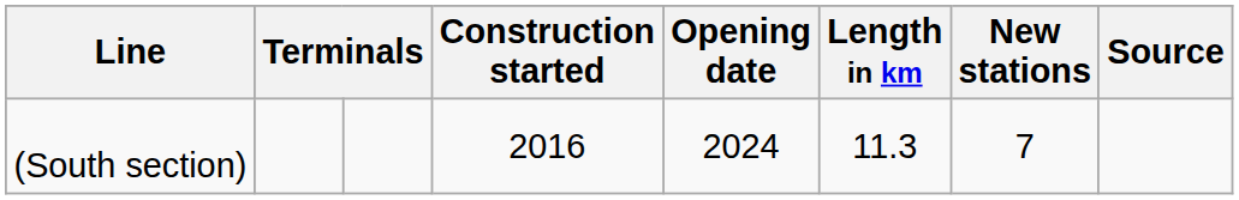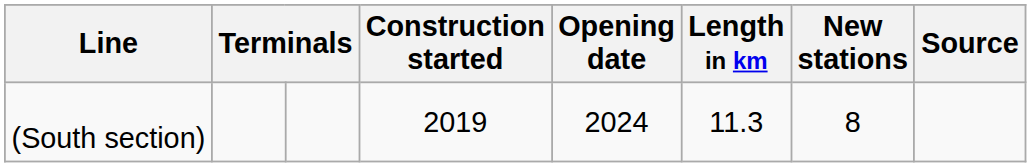 <table class="wikitable sortable" style="cell-padding:0.5em; text-align:center;">
 <tr>
 <th data-sort-type="text">Line</th>
 <th colspan="2" class="unsortable">Terminals</th>
 <th>Construction<br>started</th>
 <th>Opening<br>date</th>
 <th>Length<br><small><span>in <a href='#'>km</a></span></small></th>
 <th>New<br>stations</th>
 <th>Source</th>
 </tr>
 <tr>
 <td><br>(South section)</td>
 <td><strong></strong></td>
 <td><strong></strong></td>
-<td>2016</td>
+<td>2019</td>
 <td>2024</td>
 <td>11.3</td>
-<td>7</td>
+<td>8</td>
 <td></td>
 </tr>
 </table>
